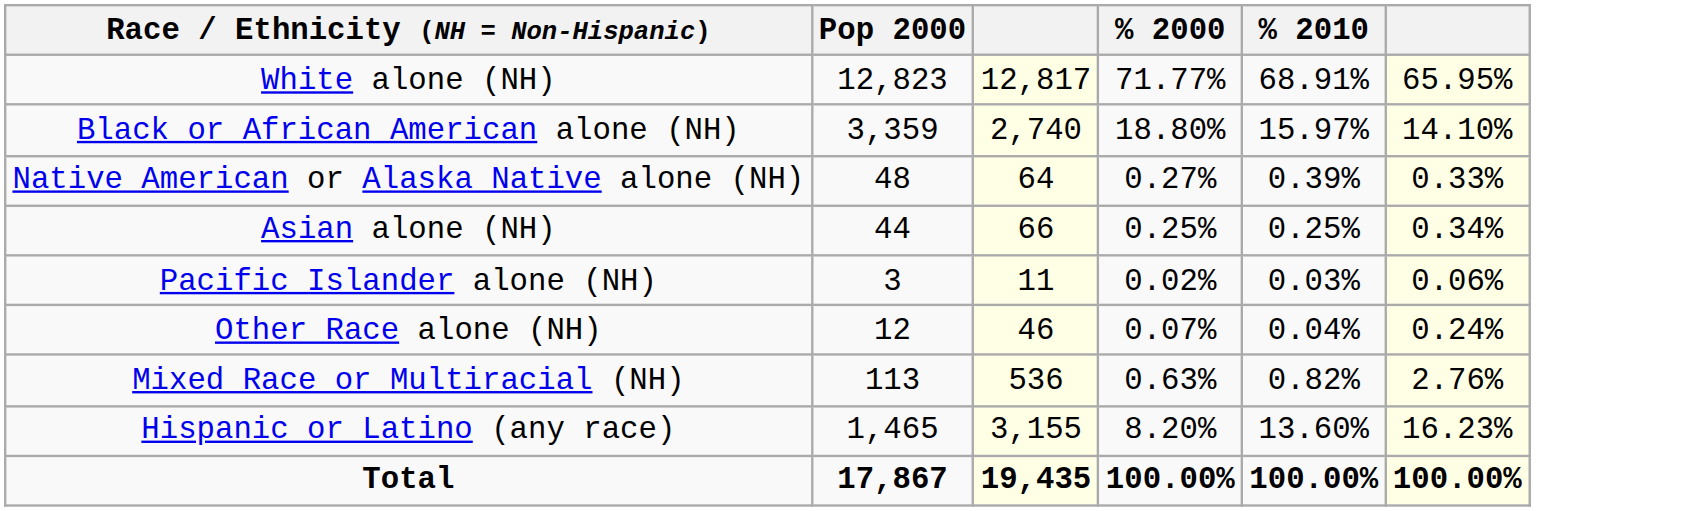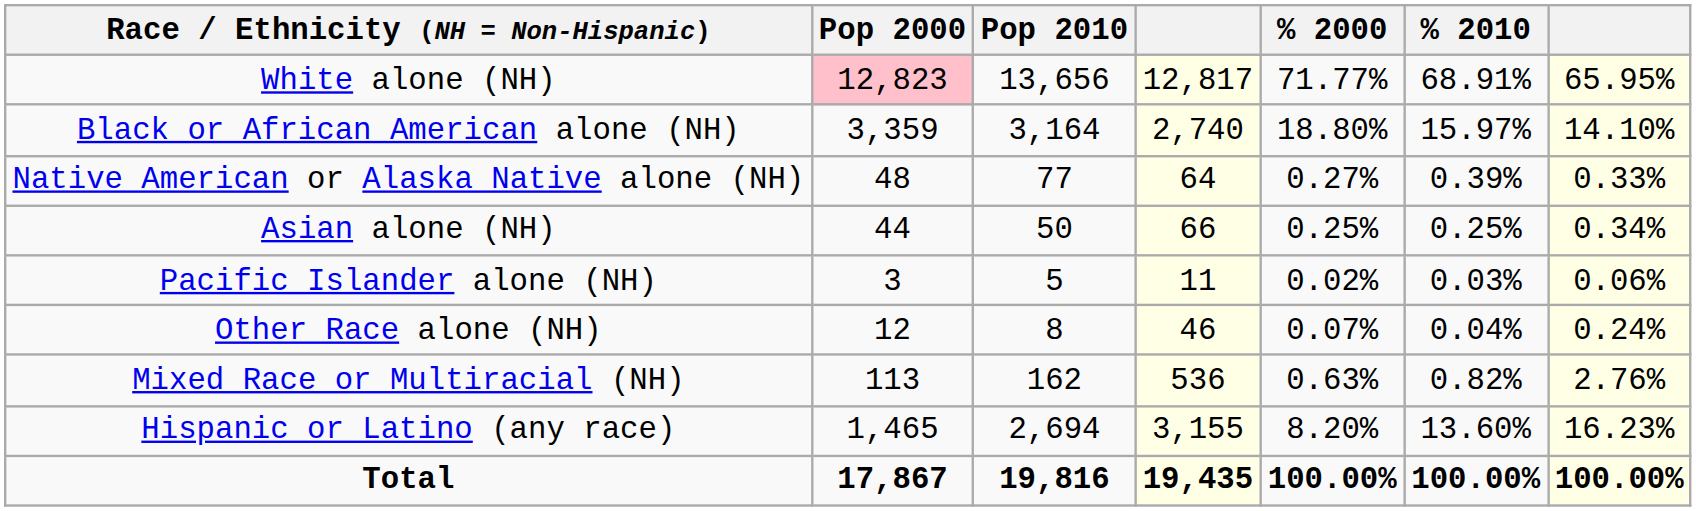 <table class="wikitable" style="text-align:center;">
 <tr>
 <th>Race / Ethnicity <small>(<em>NH = Non-Hispanic</em>)</small></th>
 <th>Pop 2000</th>
+<th>Pop 2010</th>
 <th></th>
 <th>% 2000</th>
 <th>% 2010</th>
 <th></th>
 </tr>
 <tr>
 <td><a href='#'>White</a> alone (NH)</td>
-<td>12,823</td>
+<td style="background: pink;">12,823</td>
+<td>13,656</td>
 <td style='background: #ffffe6;'>12,817</td>
 <td>71.77%</td>
 <td>68.91%</td>
 <td style='background: #ffffe6;'>65.95%</td>
 </tr>
 <tr>
 <td><a href='#'>Black or African American</a> alone (NH)</td>
 <td>3,359</td>
+<td>3,164</td>
 <td style='background: #ffffe6;'>2,740</td>
 <td>18.80%</td>
 <td>15.97%</td>
 <td style='background: #ffffe6;'>14.10%</td>
 </tr>
 <tr>
 <td><a href='#'>Native American</a> or <a href='#'>Alaska Native</a> alone (NH)</td>
 <td>48</td>
+<td>77</td>
 <td style='background: #ffffe6;'>64</td>
 <td>0.27%</td>
 <td>0.39%</td>
 <td style='background: #ffffe6;'>0.33%</td>
 </tr>
 <tr>
 <td><a href='#'>Asian</a> alone (NH)</td>
 <td>44</td>
+<td>50</td>
 <td style='background: #ffffe6;'>66</td>
 <td>0.25%</td>
 <td>0.25%</td>
 <td style='background: #ffffe6;'>0.34%</td>
 </tr>
 <tr>
 <td><a href='#'>Pacific Islander</a> alone (NH)</td>
 <td>3</td>
+<td>5</td>
 <td style='background: #ffffe6;'>11</td>
 <td>0.02%</td>
 <td>0.03%</td>
 <td style='background: #ffffe6;'>0.06%</td>
 </tr>
 <tr>
 <td><a href='#'>Other Race</a> alone (NH)</td>
 <td>12</td>
+<td>8</td>
 <td style='background: #ffffe6;'>46</td>
 <td>0.07%</td>
 <td>0.04%</td>
 <td style='background: #ffffe6;'>0.24%</td>
 </tr>
 <tr>
 <td><a href='#'>Mixed Race or Multiracial</a> (NH)</td>
 <td>113</td>
+<td>162</td>
 <td style='background: #ffffe6;'>536</td>
 <td>0.63%</td>
 <td>0.82%</td>
 <td style='background: #ffffe6;'>2.76%</td>
 </tr>
 <tr>
 <td><a href='#'>Hispanic or Latino</a> (any race)</td>
 <td>1,465</td>
+<td>2,694</td>
 <td style='background: #ffffe6;'>3,155</td>
 <td>8.20%</td>
 <td>13.60%</td>
 <td style='background: #ffffe6;'>16.23%</td>
 </tr>
 <tr>
 <td><strong>Total</strong></td>
 <td><strong>17,867</strong></td>
+<td><strong>19,816</strong></td>
 <td style='background: #ffffe6;'><strong>19,435</strong></td>
 <td><strong>100.00%</strong></td>
 <td><strong>100.00%</strong></td>
 <td style='background: #ffffe6;'><strong>100.00%</strong></td>
 </tr>
 </table>
